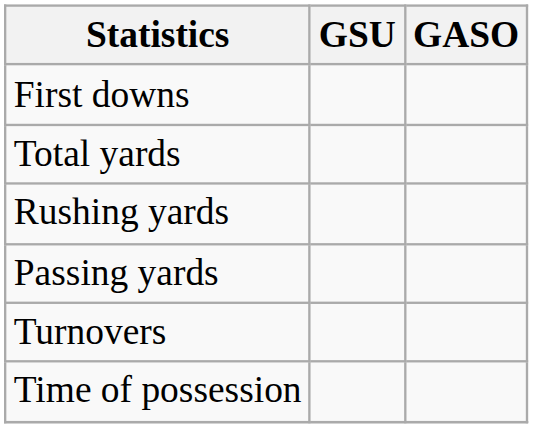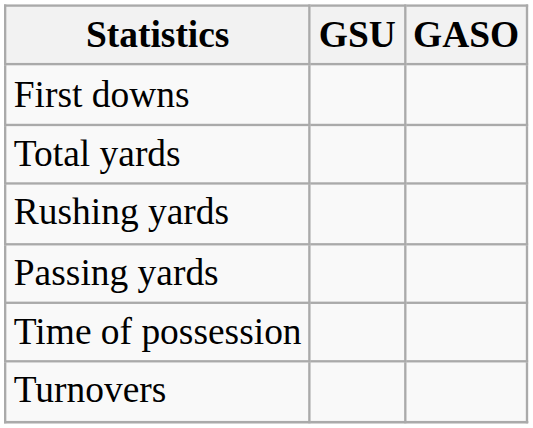 <table class="wikitable" style="float: left;">
 <tr>
 <th>Statistics</th>
 <th>GSU</th>
 <th>GASO</th>
 </tr>
 <tr>
 <td>First downs</td>
 <td></td>
 <td></td>
 </tr>
 <tr>
 <td>Total yards</td>
 <td></td>
 <td></td>
 </tr>
 <tr>
 <td>Rushing yards</td>
 <td></td>
 <td></td>
 </tr>
 <tr>
 <td>Passing yards</td>
 <td></td>
 <td></td>
 </tr>
 <tr>
-<td>Turnovers</td>
+<td>Time of possession</td>
 <td></td>
 <td></td>
 </tr>
 <tr>
-<td>Time of possession</td>
+<td>Turnovers</td>
 <td></td>
 <td></td>
 </tr>
 <tr>
 </tr>
 </table>
